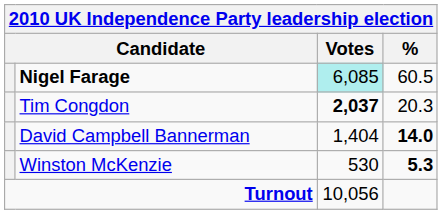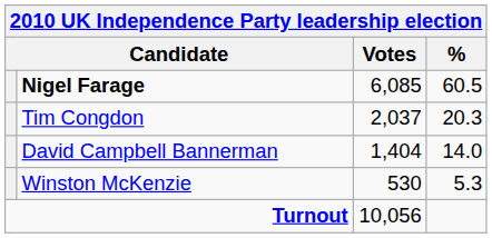 <table class="wikitable">
 <tr>
 <th colspan="4"><a href='#'>2010 UK Independence Party leadership election</a></th>
 </tr>
 <tr>
 <th colspan="2" style="width: 170px">Candidate</th>
 <th style="width: 50px">Votes</th>
 <th style="width: 40px">%</th>
 </tr>
 <tr>
 <th style="background-color: "></th>
 <td><strong>Nigel Farage</strong></td>
-<td align="right" style="background: paleturquoise;">6,085</td>
+<td align="right">6,085</td>
 <td align="right">60.5</td>
 </tr>
 <tr>
 <th style="background-color: "></th>
 <td><a href='#'>Tim Congdon</a></td>
-<td align="right"><strong>2,037</strong></td>
+<td align="right">2,037</td>
 <td align="right">20.3</td>
 </tr>
 <tr>
 <th style="background-color: "></th>
 <td><a href='#'>David Campbell Bannerman</a></td>
 <td align="right">1,404</td>
-<td align="right"><strong>14.0</strong></td>
+<td align="right">14.0</td>
 </tr>
 <tr>
 <th style="background-color: "></th>
 <td><a href='#'>Winston McKenzie</a></td>
 <td align="right">530</td>
-<td align="right"><strong>5.3</strong></td>
+<td align="right">5.3</td>
 </tr>
 <tr>
 <td colspan="2" align="right"><strong><a href='#'>Turnout</a></strong></td>
 <td align="right">10,056</td>
 <td align="right"></td>
 </tr>
 </table>
